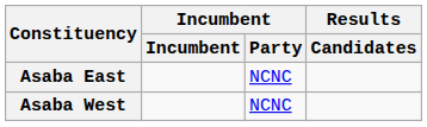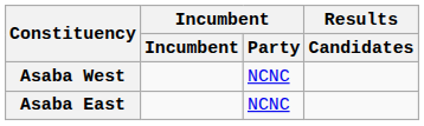 <table class="wikitable sortable">
 <tr>
 <th rowspan="2">Constituency</th>
 <th colspan="2">Incumbent</th>
 <th>Results</th>
 </tr>
 <tr valign="bottom">
 <th>Incumbent</th>
 <th>Party</th>
 <th>Candidates</th>
 </tr>
 <tr>
+<th>Asaba West</th>
+<td></td>
+<td><a href='#'>NCNC</a></td>
+<td nowrap=""></td>
+</tr>
+<tr>
 <th>Asaba East</th>
 <td></td>
 <td><a href='#'>NCNC</a></td>
 <td nowrap=""></td>
 </tr>
-<tr>
-<th>Asaba West</th>
-<td></td>
-<td><a href='#'>NCNC</a></td>
-<td nowrap=""></td>
-</tr>
 </table>
